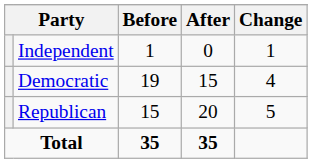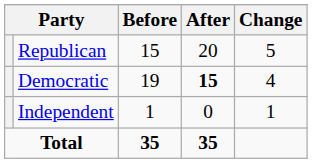 <table class="wikitable" style="text-align:center;">
 <tr>
 </tr>
 <tr>
 <th colspan=2>Party</th>
 <th>Before</th>
 <th>After</th>
 <th>Change</th>
 </tr>
 <tr>
 <th style="background-color:"></th>
-<td style="text-align:left;"><a href='#'>Independent</a></td>
-<td>1</td>
-<td>0</td>
-<td> 1</td>
+<td style="text-align:left;"><a href='#'>Republican</a></td>
+<td>15</td>
+<td>20</td>
+<td> 5</td>
 </tr>
 <tr>
 <th style="background-color:"></th>
 <td style="text-align:left;"><a href='#'>Democratic</a></td>
 <td>19</td>
-<td>15</td>
+<td><strong>15</strong></td>
 <td> 4</td>
 </tr>
 <tr>
 <th style="background-color:"></th>
-<td style="text-align:left;"><a href='#'>Republican</a></td>
-<td>15</td>
-<td>20</td>
-<td> 5</td>
+<td style="text-align:left;"><a href='#'>Independent</a></td>
+<td>1</td>
+<td>0</td>
+<td> 1</td>
 </tr>
 <tr>
 <td colspan=2><strong>Total</strong></td>
 <td><strong>35</strong></td>
 <td><strong>35</strong></td>
 <td></td>
 </tr>
 </table>
